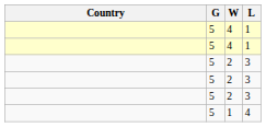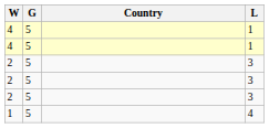 <table class="wikitable">
 <tr>
+<th bgcolor="#efefef" width="20">W</th>
+<th bgcolor="#efefef" width="20">G</th>
 <th bgcolor="#efefef" width="300">Country</th>
-<th bgcolor="#efefef" width="20">G</th>
-<th bgcolor="#efefef" width="20">W</th>
 <th bgcolor="#efefef" width="20">L</th>
 </tr>
 <tr bgcolor="#ffffcc">
+<td>4</td>
+<td>5</td>
 <td></td>
-<td>5</td>
-<td>4</td>
 <td>1</td>
 </tr>
 <tr bgcolor="#ffffcc">
+<td>4</td>
+<td>5</td>
 <td></td>
-<td>5</td>
-<td>4</td>
 <td>1</td>
 </tr>
 <tr>
+<td>2</td>
+<td>5</td>
 <td></td>
-<td>5</td>
-<td>2</td>
 <td>3</td>
 </tr>
 <tr>
+<td>2</td>
+<td>5</td>
 <td></td>
-<td>5</td>
-<td>2</td>
 <td>3</td>
 </tr>
 <tr>
+<td>2</td>
+<td>5</td>
 <td></td>
-<td>5</td>
-<td>2</td>
 <td>3</td>
 </tr>
 <tr>
+<td>1</td>
+<td>5</td>
 <td></td>
-<td>5</td>
-<td>1</td>
 <td>4</td>
 </tr>
 </table>
